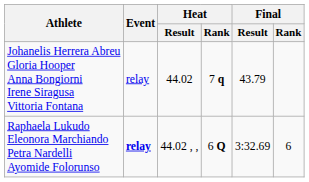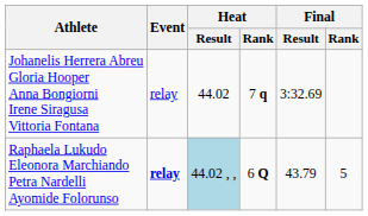 <table class="wikitable" style="font-size:90%">
 <tr>
 <th rowspan="2">Athlete</th>
 <th rowspan="2">Event</th>
 <th colspan="2">Heat</th>
 <th colspan="2">Final</th>
 </tr>
 <tr style="font-size:95%">
 <th>Result</th>
 <th>Rank</th>
 <th>Result</th>
 <th>Rank</th>
 </tr>
 <tr align=center>
 <td align=left><a href='#'>Johanelis Herrera Abreu</a><br><a href='#'>Gloria Hooper</a><br><a href='#'>Anna Bongiorni</a><br><a href='#'>Irene Siragusa</a><br><a href='#'>Vittoria Fontana</a></td>
 <td align=left><a href='#'> relay</a></td>
 <td>44.02 </td>
 <td>7 <strong>q</strong></td>
-<td>43.79 </td>
+<td>3:32.69</td>
 <td></td>
 </tr>
 <tr align=center>
 <td align=left><a href='#'>Raphaela Lukudo</a><br><a href='#'>Eleonora Marchiando</a><br><a href='#'>Petra Nardelli</a><br><a href='#'>Ayomide Folorunso</a></td>
 <td align=left><strong><a href='#'> relay</a></strong></td>
-<td>44.02 , , </td>
+<td style="background: lightblue;">44.02 , , </td>
 <td>6 <strong>Q</strong></td>
-<td>3:32.69</td>
-<td>6</td>
+<td>43.79 </td>
+<td>5</td>
 </tr>
 </table>
